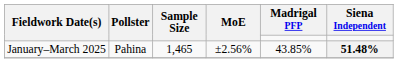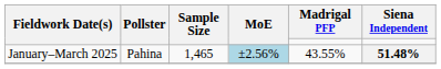 <table class="wikitable" style="text-align:center;font-size:90%;line-height:15px">
 <tr>
 <th rowspan="2">Fieldwork Date(s)</th>
 <th rowspan="2">Pollster</th>
 <th rowspan="2" style="width:60px;">Sample Size</th>
 <th rowspan="2" style="width:60px;">MoE</th>
 <th style="width:75px;">Madrigal<br><small><a href='#'>PFP</a></small></th>
 <th style="width:75px;">Siena<br><small><a href='#'>Independent</a></small></th>
 </tr>
 <tr>
 <td style="background:"></td>
 <td style="background:"></td>
 </tr>
 <tr>
 <td>January–March 2025</td>
 <td>Pahina</td>
 <td>1,465</td>
-<td>±2.56%</td>
-<td>43.85%</td>
+<td style="background: lightblue;">±2.56%</td>
+<td>43.55%</td>
 <th style="background-color:#">51.48%</th>
 </tr>
 <tr>
 </tr>
 </table>
